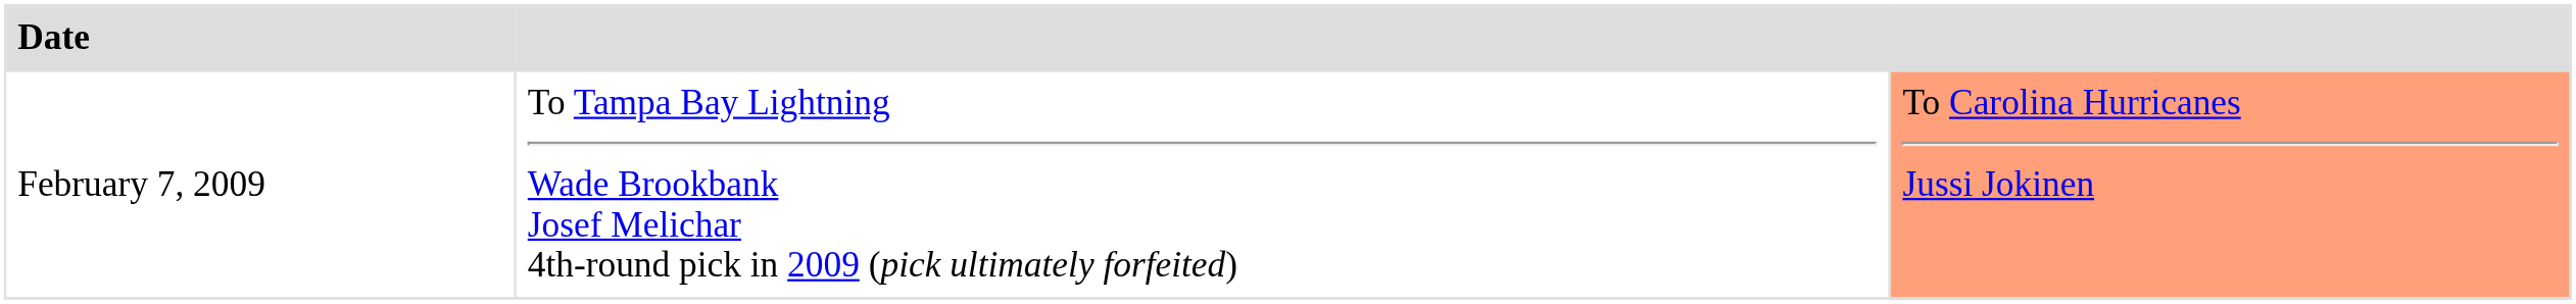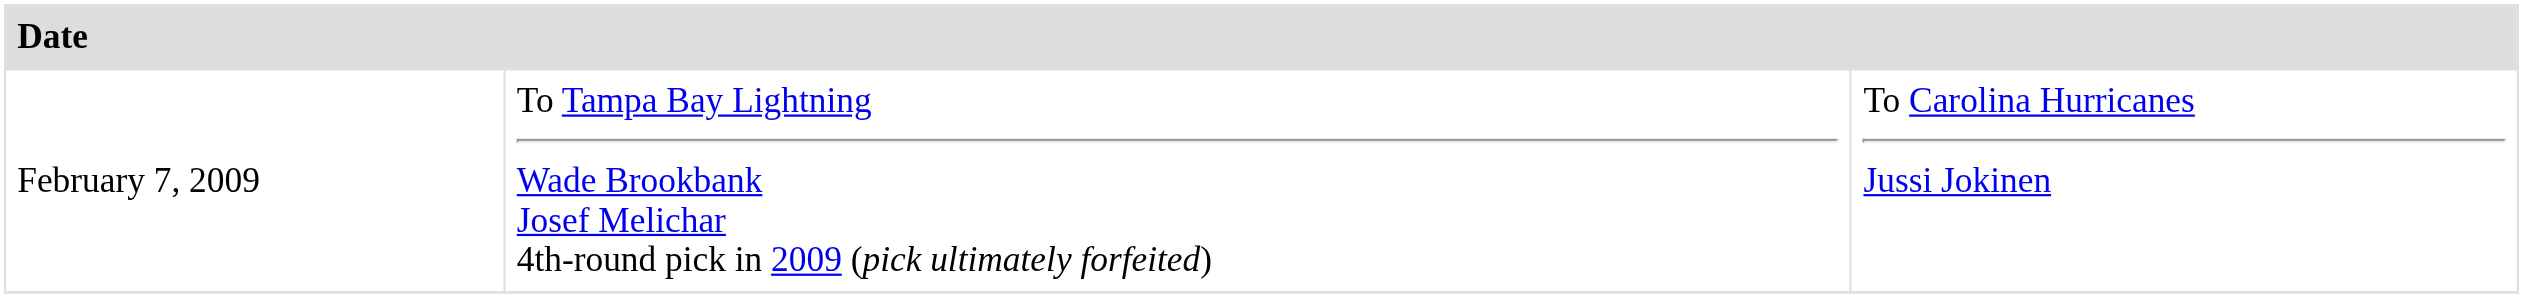 <table border=1 style="border-collapse:collapse" bordercolor="#DFDFDF"  cellpadding="5" width=90%>
 <tr bgcolor="#dddddd">
 <td><strong>Date</strong></td>
 <th colspan="2"></th>
 </tr>
 <tr>
 <td>February 7, 2009</td>
 <td valign="top">To <a href='#'>Tampa Bay Lightning</a> <hr><a href='#'>Wade Brookbank</a><br><a href='#'>Josef Melichar</a><br>4th-round pick in <a href='#'>2009</a> (<em>pick ultimately forfeited</em>)</td>
-<td valign="top" style="background: lightsalmon;">To <a href='#'>Carolina Hurricanes</a> <hr><a href='#'>Jussi Jokinen</a></td>
+<td valign="top">To <a href='#'>Carolina Hurricanes</a> <hr><a href='#'>Jussi Jokinen</a></td>
 </tr>
 <tr>
 </tr>
 </table>
